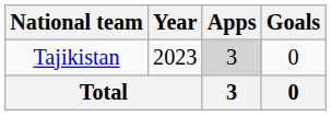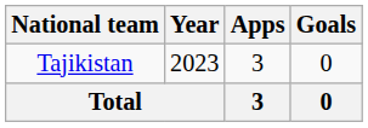 <table class="wikitable" style="text-align:center">
 <tr>
 <th>National team</th>
 <th>Year</th>
 <th>Apps</th>
 <th>Goals</th>
 </tr>
 <tr>
 <td rowspan="1"><a href='#'>Tajikistan</a></td>
 <td>2023</td>
-<td style="background: lightgrey;">3</td>
+<td>3</td>
 <td>0</td>
 </tr>
 <tr>
 <th colspan="2">Total</th>
 <th>3</th>
 <th>0</th>
 </tr>
 </table>
